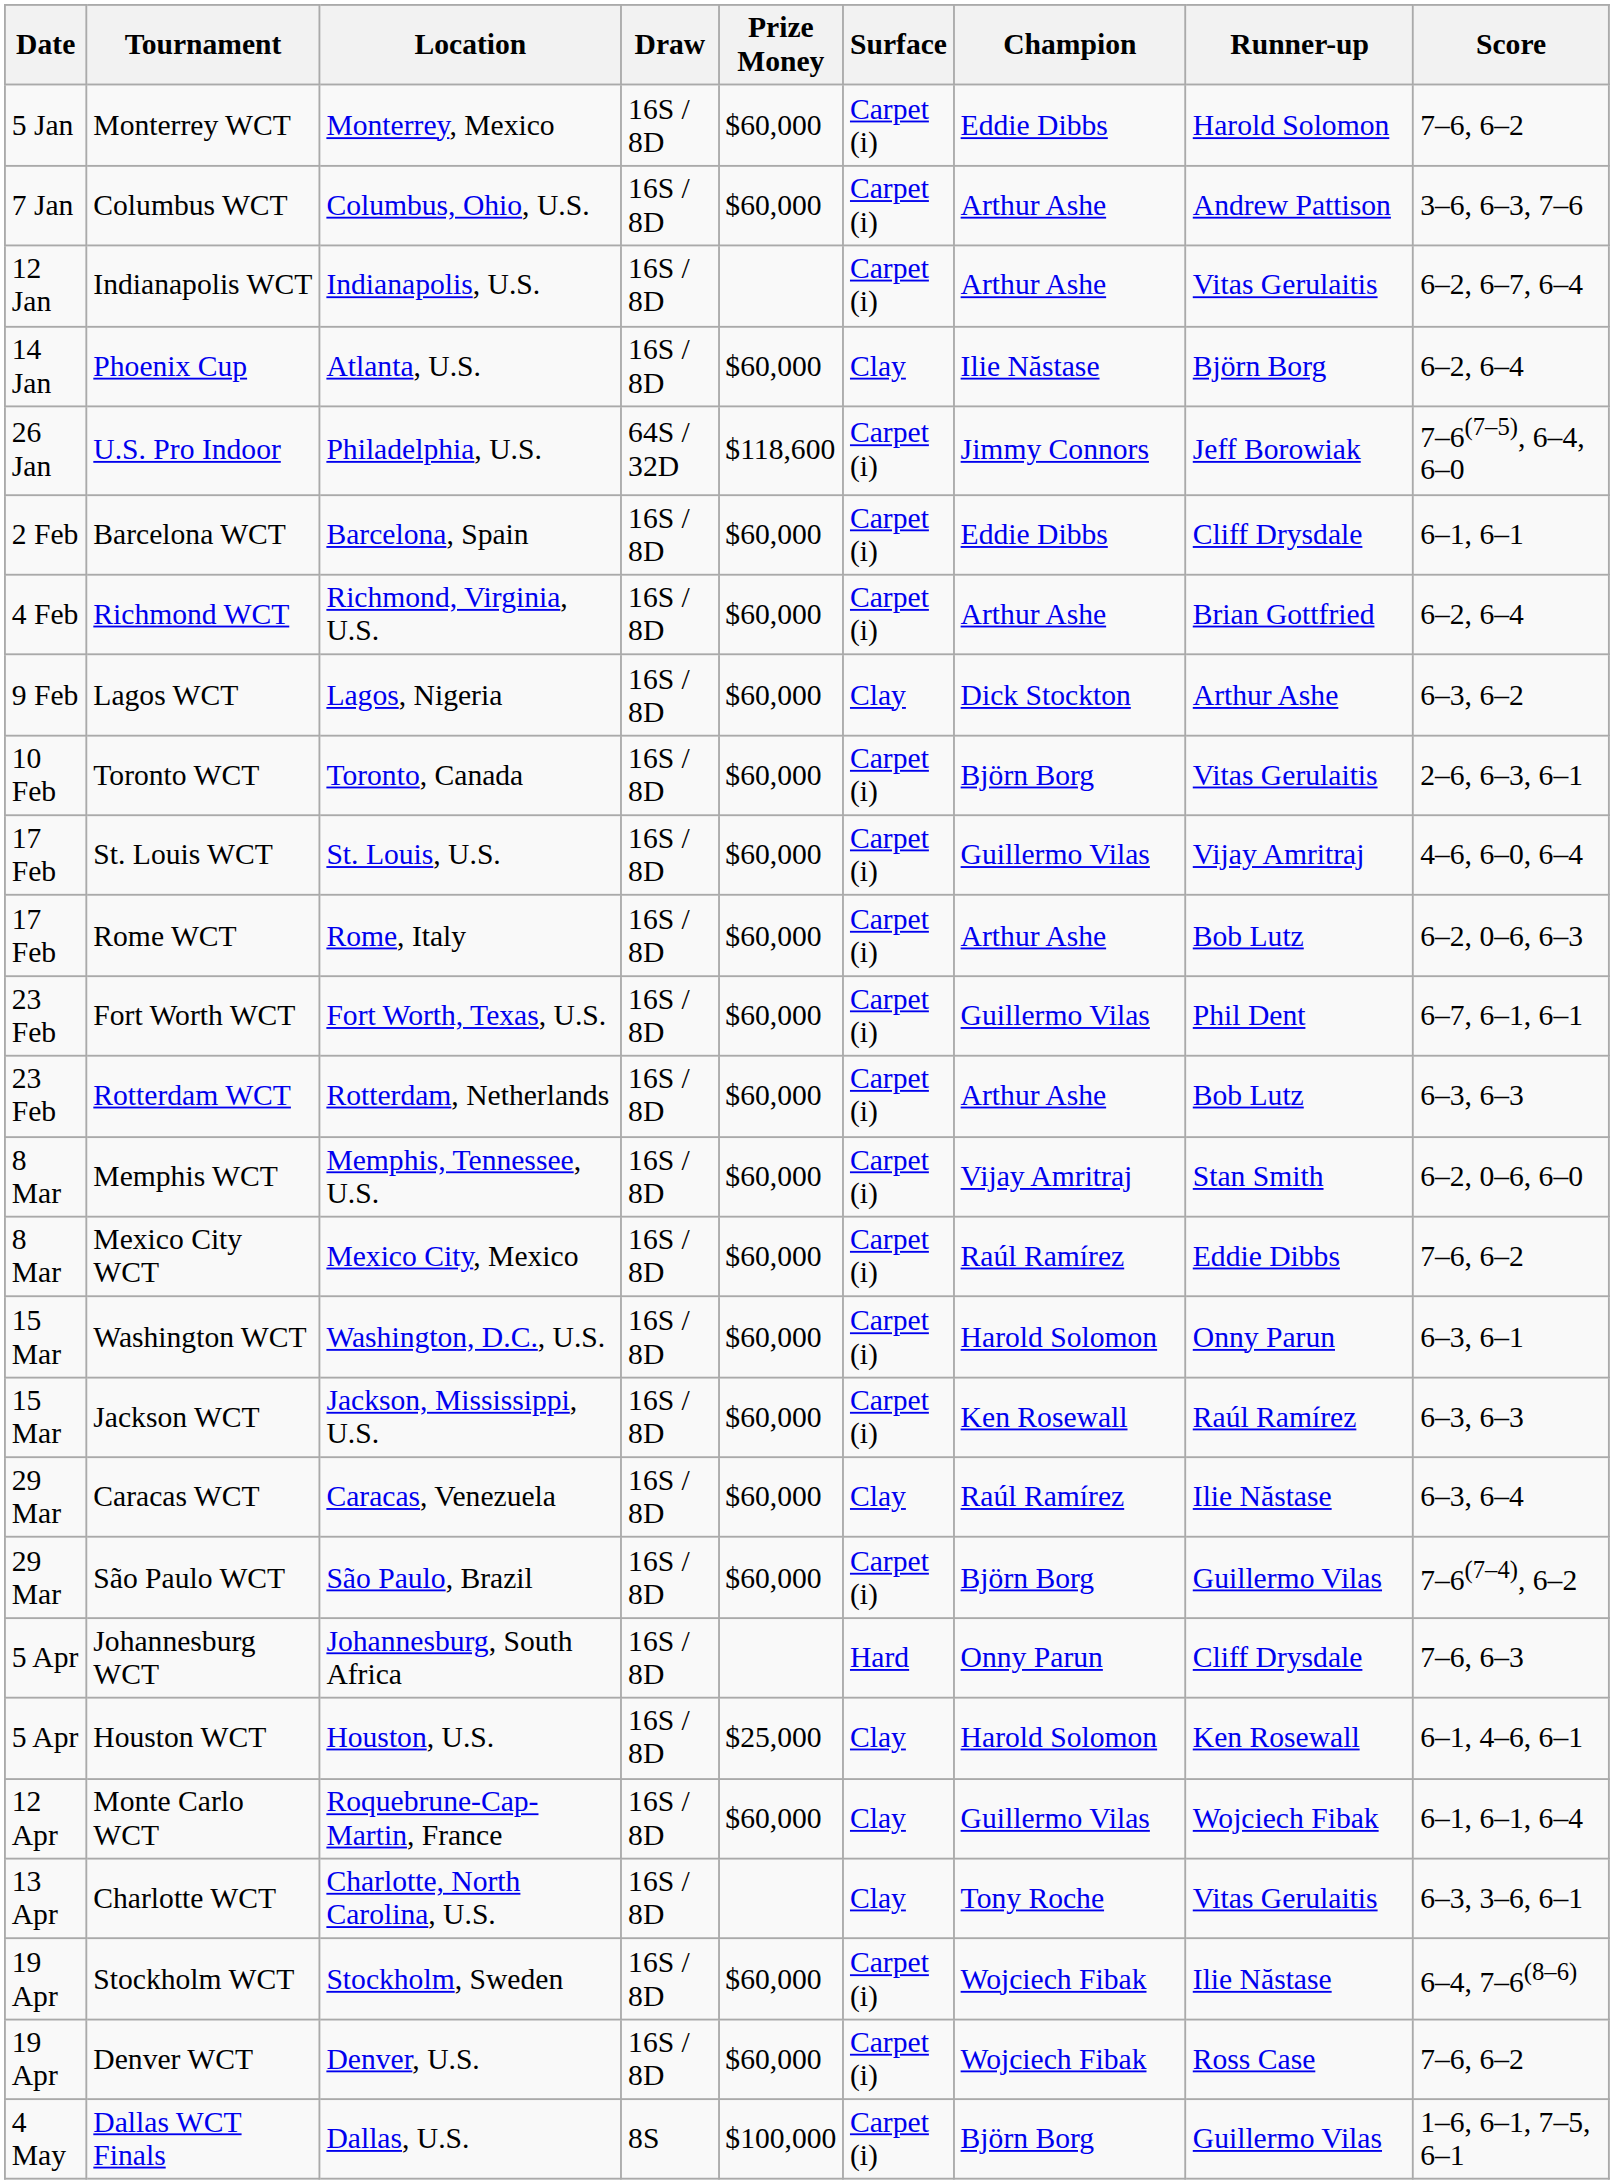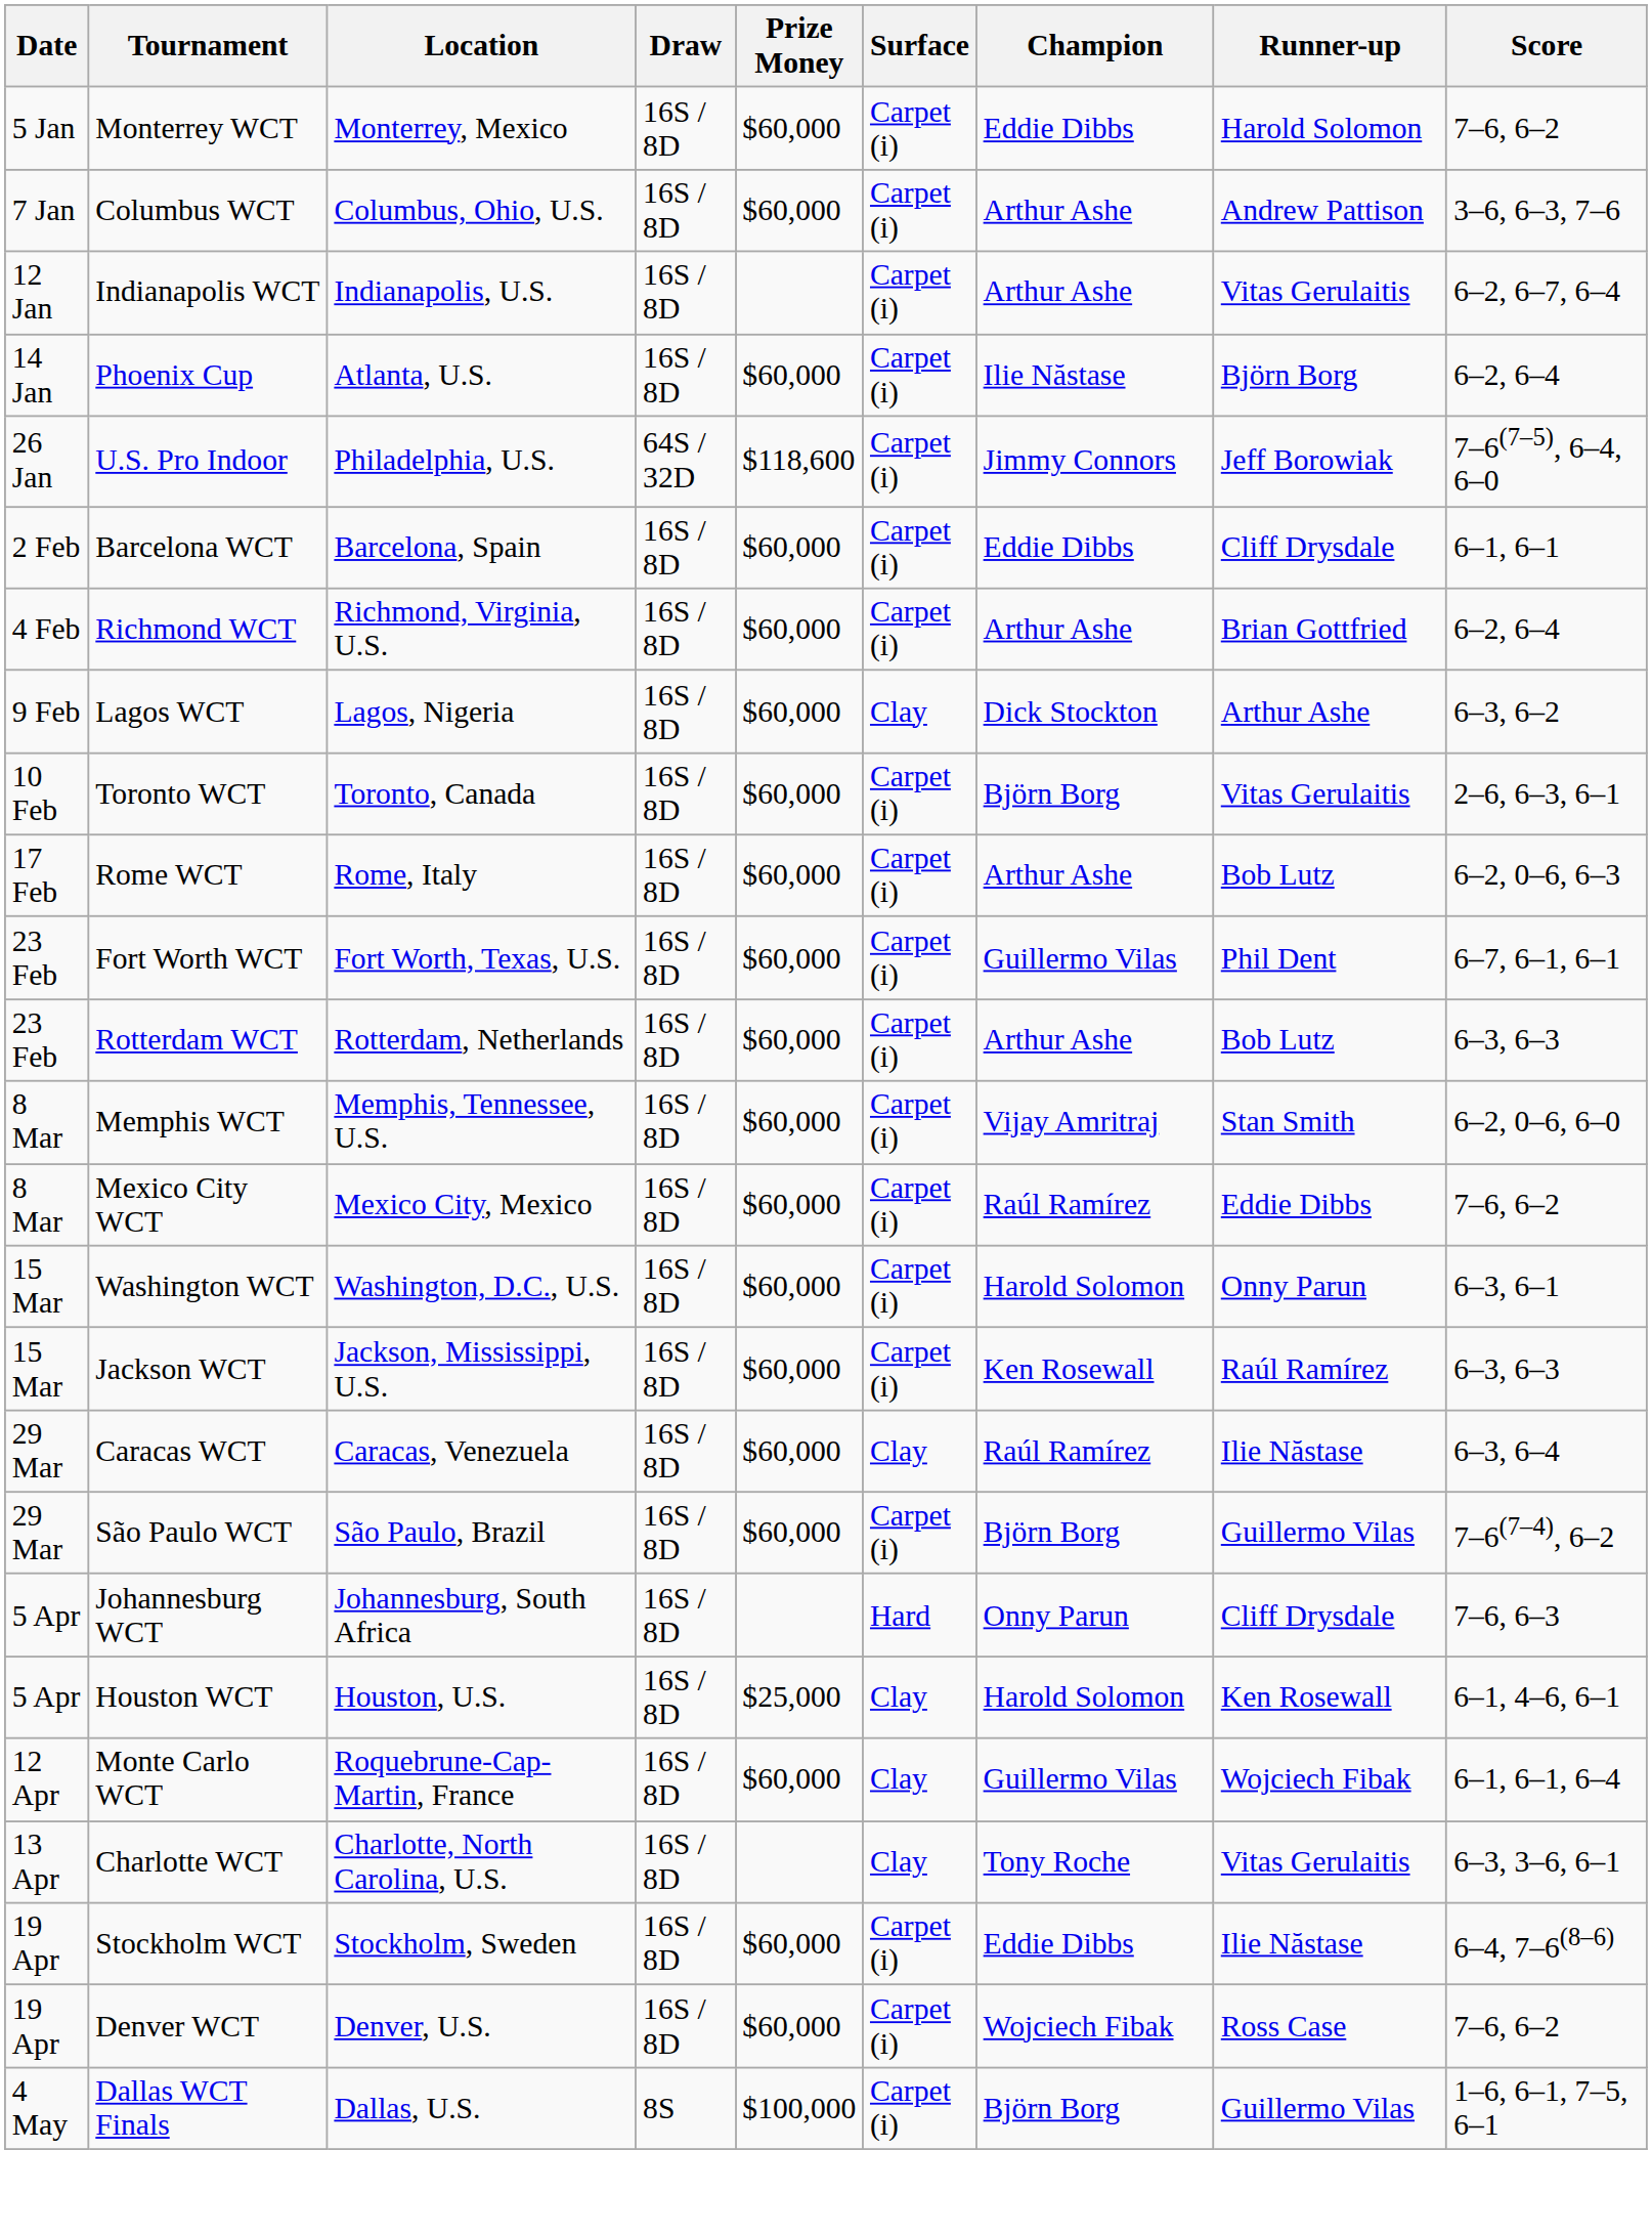 <table class="sortable wikitable">
 <tr>
 <th style="width:40px;">Date</th>
 <th style="width:140px;">Tournament</th>
 <th style="width:200px;">Location</th>
 <th style="width:50px;">Draw</th>
 <th style="width:60px;">Prize Money</th>
 <th style="width:50px;">Surface</th>
 <th style="width:150px;">Champion</th>
 <th style="width:150px;">Runner-up</th>
 <th style="width:140px" class="unsortable">Score</th>
 </tr>
 <tr>
 <td>5 Jan</td>
 <td>Monterrey WCT</td>
 <td><a href='#'>Monterrey</a>, Mexico</td>
 <td>16S / 8D</td>
 <td>$60,000</td>
 <td><a href='#'>Carpet</a> (i)</td>
 <td> <a href='#'>Eddie Dibbs</a></td>
 <td> <a href='#'>Harold Solomon</a></td>
 <td>7–6, 6–2</td>
 </tr>
 <tr>
 <td>7 Jan</td>
 <td>Columbus WCT</td>
 <td><a href='#'>Columbus, Ohio</a>, U.S.</td>
 <td>16S / 8D</td>
 <td>$60,000</td>
 <td><a href='#'>Carpet</a> (i)</td>
 <td> <a href='#'>Arthur Ashe</a></td>
 <td> <a href='#'>Andrew Pattison</a></td>
 <td>3–6, 6–3, 7–6</td>
 </tr>
 <tr>
 <td>12 Jan</td>
 <td>Indianapolis WCT</td>
 <td><a href='#'>Indianapolis</a>, U.S.</td>
 <td>16S / 8D</td>
 <td></td>
 <td><a href='#'>Carpet</a> (i)</td>
 <td> <a href='#'>Arthur Ashe</a></td>
 <td> <a href='#'>Vitas Gerulaitis</a></td>
 <td>6–2, 6–7, 6–4</td>
 </tr>
 <tr>
 <td>14 Jan</td>
 <td><a href='#'>Phoenix Cup</a></td>
 <td><a href='#'>Atlanta</a>, U.S.</td>
 <td>16S / 8D</td>
 <td>$60,000</td>
-<td><a href='#'>Clay</a></td>
+<td><a href='#'>Carpet</a> (i)</td>
 <td> <a href='#'>Ilie Năstase</a></td>
 <td> <a href='#'>Björn Borg</a></td>
 <td>6–2, 6–4</td>
 </tr>
 <tr>
 <td>26 Jan</td>
 <td><a href='#'>U.S. Pro Indoor</a></td>
 <td><a href='#'>Philadelphia</a>, U.S.</td>
 <td>64S / 32D</td>
 <td>$118,600</td>
 <td><a href='#'>Carpet</a> (i)</td>
 <td> <a href='#'>Jimmy Connors</a></td>
 <td> <a href='#'>Jeff Borowiak</a></td>
 <td>7–6<sup>(7–5)</sup>, 6–4, 6–0</td>
 </tr>
 <tr>
 <td>2 Feb</td>
 <td>Barcelona WCT</td>
 <td><a href='#'>Barcelona</a>, Spain</td>
 <td>16S / 8D</td>
 <td>$60,000</td>
 <td><a href='#'>Carpet</a> (i)</td>
 <td> <a href='#'>Eddie Dibbs</a></td>
 <td> <a href='#'>Cliff Drysdale</a></td>
 <td>6–1, 6–1</td>
 </tr>
 <tr>
 <td>4 Feb</td>
 <td><a href='#'>Richmond WCT</a></td>
 <td><a href='#'>Richmond, Virginia</a>, U.S.</td>
 <td>16S / 8D</td>
 <td>$60,000</td>
 <td><a href='#'>Carpet</a> (i)</td>
 <td> <a href='#'>Arthur Ashe</a></td>
 <td> <a href='#'>Brian Gottfried</a></td>
 <td>6–2, 6–4</td>
 </tr>
 <tr>
 <td>9 Feb</td>
 <td>Lagos WCT</td>
 <td><a href='#'>Lagos</a>, Nigeria</td>
 <td>16S / 8D</td>
 <td>$60,000</td>
 <td><a href='#'>Clay</a></td>
 <td> <a href='#'>Dick Stockton</a></td>
 <td> <a href='#'>Arthur Ashe</a></td>
 <td>6–3, 6–2</td>
 </tr>
 <tr>
 <td>10 Feb</td>
 <td>Toronto WCT</td>
 <td><a href='#'>Toronto</a>, Canada</td>
 <td>16S / 8D</td>
 <td>$60,000</td>
 <td><a href='#'>Carpet</a> (i)</td>
 <td> <a href='#'>Björn Borg</a></td>
 <td> <a href='#'>Vitas Gerulaitis</a></td>
 <td>2–6, 6–3, 6–1</td>
-</tr>
-<tr>
-<td>17 Feb</td>
-<td>St. Louis WCT</td>
-<td><a href='#'>St. Louis</a>, U.S.</td>
-<td>16S / 8D</td>
-<td>$60,000</td>
-<td><a href='#'>Carpet</a> (i)</td>
-<td> <a href='#'>Guillermo Vilas</a></td>
-<td> <a href='#'>Vijay Amritraj</a></td>
-<td>4–6, 6–0, 6–4</td>
 </tr>
 <tr>
 <td>17 Feb</td>
 <td>Rome WCT</td>
 <td><a href='#'>Rome</a>, Italy</td>
 <td>16S / 8D</td>
 <td>$60,000</td>
 <td><a href='#'>Carpet</a> (i)</td>
 <td> <a href='#'>Arthur Ashe</a></td>
 <td> <a href='#'>Bob Lutz</a></td>
 <td>6–2, 0–6, 6–3</td>
 </tr>
 <tr>
 <td>23 Feb</td>
 <td>Fort Worth WCT</td>
 <td><a href='#'>Fort Worth, Texas</a>, U.S.</td>
 <td>16S / 8D</td>
 <td>$60,000</td>
 <td><a href='#'>Carpet</a> (i)</td>
 <td> <a href='#'>Guillermo Vilas</a></td>
 <td> <a href='#'>Phil Dent</a></td>
 <td>6–7, 6–1, 6–1</td>
 </tr>
 <tr>
 <td>23 Feb</td>
 <td><a href='#'>Rotterdam WCT</a></td>
 <td><a href='#'>Rotterdam</a>, Netherlands</td>
 <td>16S / 8D</td>
 <td>$60,000</td>
 <td><a href='#'>Carpet</a> (i)</td>
 <td> <a href='#'>Arthur Ashe</a></td>
 <td> <a href='#'>Bob Lutz</a></td>
 <td>6–3, 6–3</td>
 </tr>
 <tr>
 <td>8 Mar</td>
 <td>Memphis WCT</td>
 <td><a href='#'>Memphis, Tennessee</a>, U.S.</td>
 <td>16S / 8D</td>
 <td>$60,000</td>
 <td><a href='#'>Carpet</a> (i)</td>
 <td> <a href='#'>Vijay Amritraj</a></td>
 <td> <a href='#'>Stan Smith</a></td>
 <td>6–2, 0–6, 6–0</td>
 </tr>
 <tr>
 <td>8 Mar</td>
 <td>Mexico City WCT</td>
 <td><a href='#'>Mexico City</a>, Mexico</td>
 <td>16S / 8D</td>
 <td>$60,000</td>
 <td><a href='#'>Carpet</a> (i)</td>
 <td> <a href='#'>Raúl Ramírez</a></td>
 <td> <a href='#'>Eddie Dibbs</a></td>
 <td>7–6, 6–2</td>
 </tr>
 <tr>
 <td>15 Mar</td>
 <td>Washington WCT</td>
 <td><a href='#'>Washington, D.C.</a>, U.S.</td>
 <td>16S / 8D</td>
 <td>$60,000</td>
 <td><a href='#'>Carpet</a> (i)</td>
 <td> <a href='#'>Harold Solomon</a></td>
 <td> <a href='#'>Onny Parun</a></td>
 <td>6–3, 6–1</td>
 </tr>
 <tr>
 <td>15 Mar</td>
 <td>Jackson WCT</td>
 <td><a href='#'>Jackson, Mississippi</a>, U.S.</td>
 <td>16S / 8D</td>
 <td>$60,000</td>
 <td><a href='#'>Carpet</a> (i)</td>
 <td> <a href='#'>Ken Rosewall</a></td>
 <td> <a href='#'>Raúl Ramírez</a></td>
 <td>6–3, 6–3</td>
 </tr>
 <tr>
 <td>29 Mar</td>
 <td>Caracas WCT</td>
 <td><a href='#'>Caracas</a>, Venezuela</td>
 <td>16S / 8D</td>
 <td>$60,000</td>
 <td><a href='#'>Clay</a></td>
 <td> <a href='#'>Raúl Ramírez</a></td>
 <td> <a href='#'>Ilie Năstase</a></td>
 <td>6–3, 6–4</td>
 </tr>
 <tr>
 <td>29 Mar</td>
 <td>São Paulo WCT</td>
 <td><a href='#'>São Paulo</a>, Brazil</td>
 <td>16S / 8D</td>
 <td>$60,000</td>
 <td><a href='#'>Carpet</a> (i)</td>
 <td> <a href='#'>Björn Borg</a></td>
 <td> <a href='#'>Guillermo Vilas</a></td>
 <td>7–6<sup>(7–4)</sup>, 6–2</td>
 </tr>
 <tr>
 <td>5 Apr</td>
 <td>Johannesburg WCT</td>
 <td><a href='#'>Johannesburg</a>, South Africa</td>
 <td>16S / 8D</td>
 <td></td>
 <td><a href='#'>Hard</a></td>
 <td> <a href='#'>Onny Parun</a></td>
 <td> <a href='#'>Cliff Drysdale</a></td>
 <td>7–6, 6–3</td>
 </tr>
 <tr>
 <td>5 Apr</td>
 <td>Houston WCT</td>
 <td><a href='#'>Houston</a>, U.S.</td>
 <td>16S / 8D</td>
 <td>$25,000</td>
 <td><a href='#'>Clay</a></td>
 <td> <a href='#'>Harold Solomon</a></td>
 <td> <a href='#'>Ken Rosewall</a></td>
 <td>6–1, 4–6, 6–1</td>
 </tr>
 <tr>
 <td>12 Apr</td>
 <td>Monte Carlo WCT</td>
 <td><a href='#'>Roquebrune-Cap-Martin</a>, France</td>
 <td>16S / 8D</td>
 <td>$60,000</td>
 <td><a href='#'>Clay</a></td>
 <td> <a href='#'>Guillermo Vilas</a></td>
 <td> <a href='#'>Wojciech Fibak</a></td>
 <td>6–1, 6–1, 6–4</td>
 </tr>
 <tr>
 <td>13 Apr</td>
 <td>Charlotte WCT</td>
 <td><a href='#'>Charlotte, North Carolina</a>, U.S.</td>
 <td>16S / 8D</td>
 <td></td>
 <td><a href='#'>Clay</a></td>
 <td> <a href='#'>Tony Roche</a></td>
 <td> <a href='#'>Vitas Gerulaitis</a></td>
 <td>6–3, 3–6, 6–1</td>
 </tr>
 <tr>
 <td>19 Apr</td>
 <td>Stockholm WCT</td>
 <td><a href='#'>Stockholm</a>, Sweden</td>
 <td>16S / 8D</td>
 <td>$60,000</td>
 <td><a href='#'>Carpet</a> (i)</td>
-<td> <a href='#'>Wojciech Fibak</a></td>
+<td> <a href='#'>Eddie Dibbs</a></td>
 <td> <a href='#'>Ilie Năstase</a></td>
 <td>6–4, 7–6<sup>(8–6)</sup></td>
 </tr>
 <tr>
 <td>19 Apr</td>
 <td>Denver WCT</td>
 <td><a href='#'>Denver</a>, U.S.</td>
 <td>16S / 8D</td>
 <td>$60,000</td>
 <td><a href='#'>Carpet</a> (i)</td>
 <td> <a href='#'>Wojciech Fibak</a></td>
 <td> <a href='#'>Ross Case</a></td>
 <td>7–6, 6–2</td>
 </tr>
 <tr>
 <td>4 May</td>
 <td><a href='#'>Dallas WCT Finals</a></td>
 <td><a href='#'>Dallas</a>, U.S.</td>
 <td>8S</td>
 <td>$100,000</td>
 <td><a href='#'>Carpet</a> (i)</td>
 <td> <a href='#'>Björn Borg</a></td>
 <td> <a href='#'>Guillermo Vilas</a></td>
 <td>1–6, 6–1, 7–5, 6–1</td>
 </tr>
 </table>
